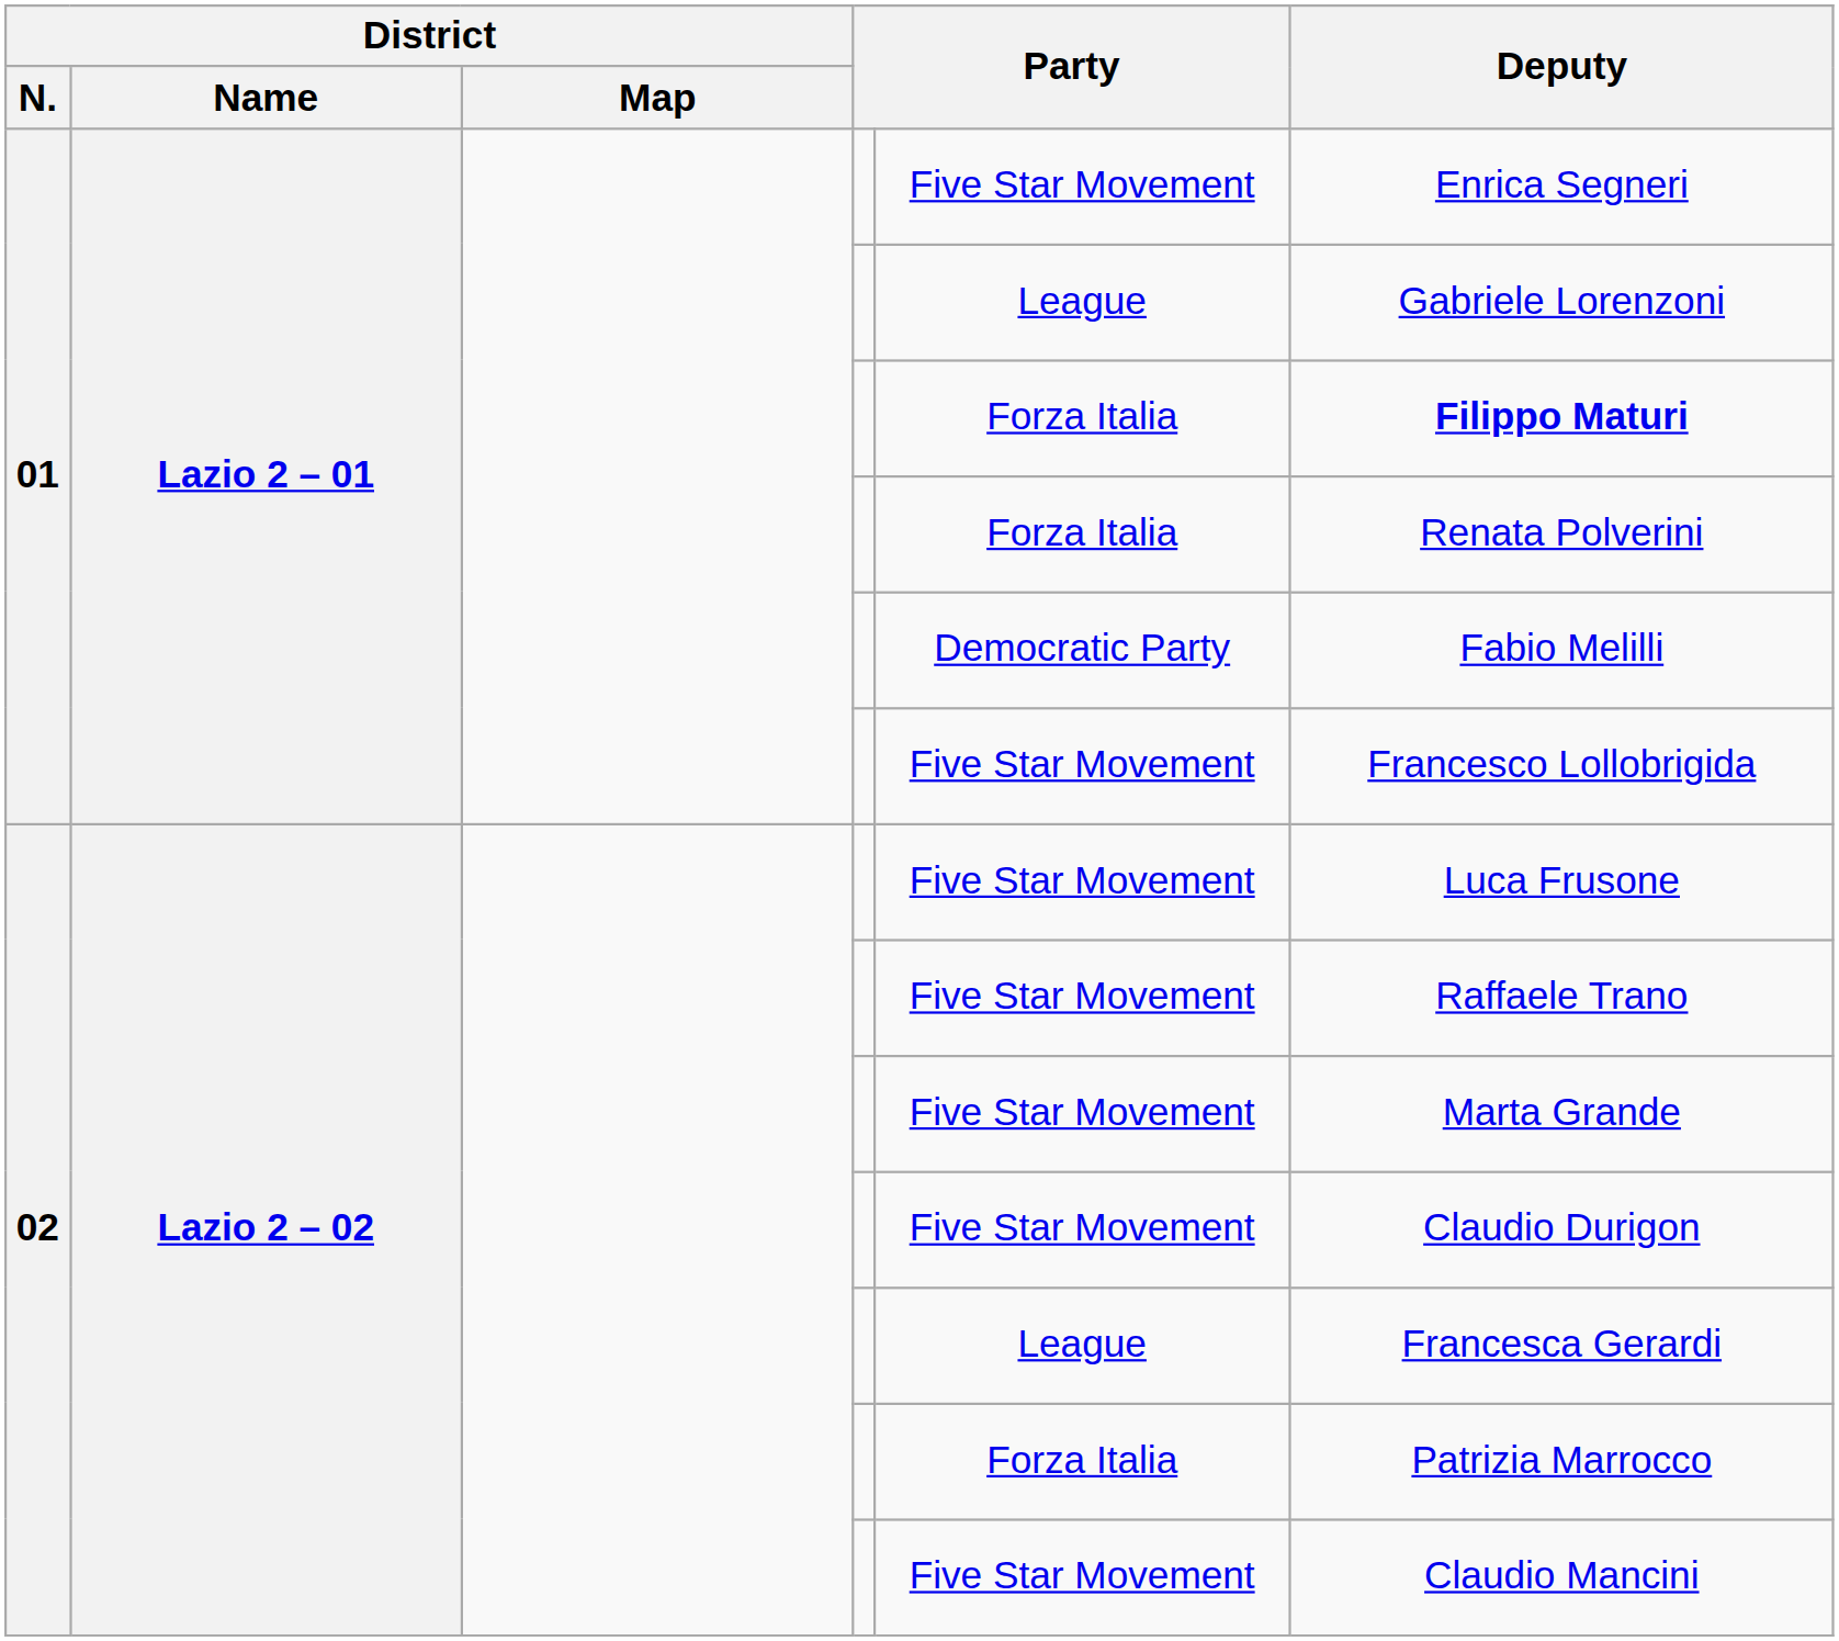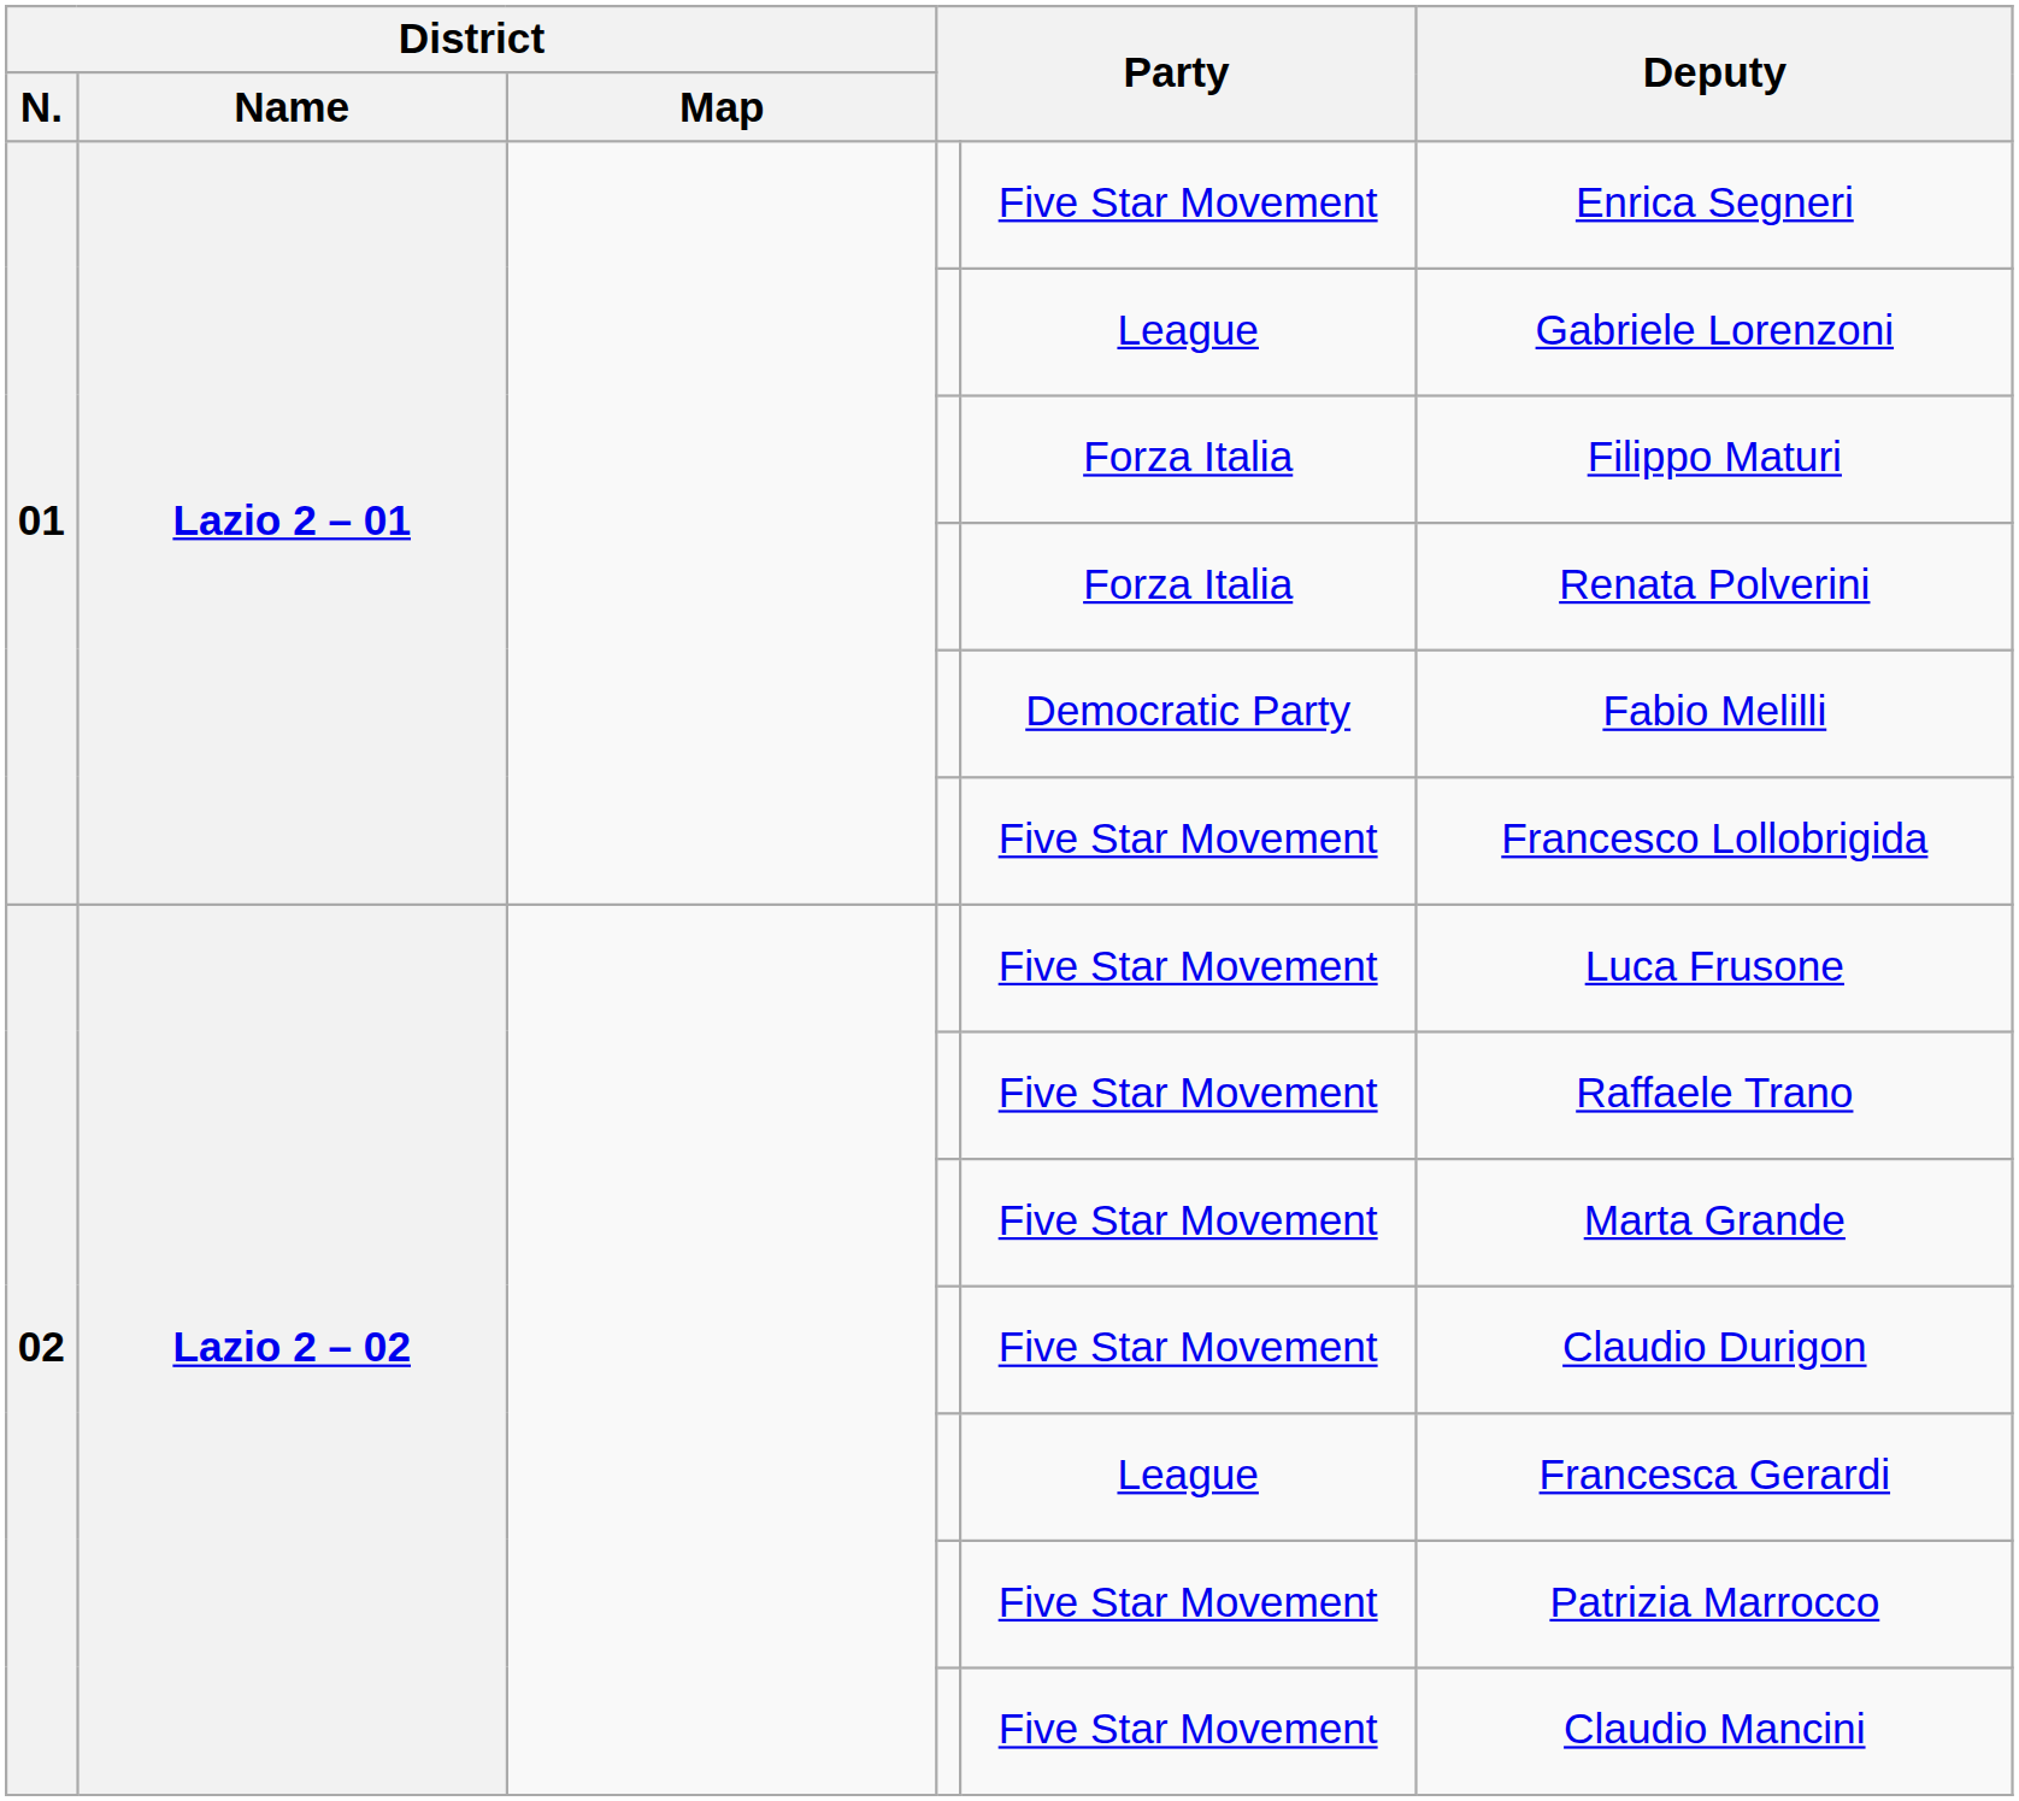 <table class="wikitable" style="text-align:center; style="width=60%">
 <tr>
 <th width=35% colspan="3">District</th>
 <th width=20% colspan="2" rowspan="2">Party</th>
 <th width=25% rowspan="2">Deputy</th>
 </tr>
 <tr>
 <th width=1%>N.</th>
 <th width=18%>Name</th>
 <th width=18%>Map</th>
 </tr>
 <tr style="height:3em;">
 <th rowspan="6">01</th>
 <th rowspan="6"><a href='#'>Lazio 2 – 01</a></th>
 <td rowspan="6"></td>
 <td style="background:"></td>
 <td><a href='#'>Five Star Movement</a></td>
 <td><a href='#'>Enrica Segneri</a></td>
 </tr>
 <tr style="height:3em;">
 <td style="background:"></td>
 <td><a href='#'>League</a></td>
 <td><a href='#'>Gabriele Lorenzoni</a></td>
 </tr>
 <tr style="height:3em;">
 <td style="background:"></td>
 <td><a href='#'>Forza Italia</a></td>
-<td><strong><a href='#'>Filippo Maturi</a></strong></td>
+<td><a href='#'>Filippo Maturi</a></td>
 </tr>
 <tr style="height:3em;">
 <td style="background:"></td>
 <td><a href='#'>Forza Italia</a></td>
 <td><a href='#'>Renata Polverini</a></td>
 </tr>
 <tr style="height:3em;">
 <td style="background:"></td>
 <td><a href='#'>Democratic Party</a></td>
 <td><a href='#'>Fabio Melilli</a></td>
 </tr>
 <tr style="height:3em;">
 <td style="background:"></td>
 <td><a href='#'>Five Star Movement</a></td>
 <td><a href='#'>Francesco Lollobrigida</a></td>
 </tr>
 <tr style="height:3em;">
 <th rowspan="7">02</th>
 <th rowspan="7"><a href='#'>Lazio 2 – 02</a></th>
 <td rowspan="7"></td>
 <td style="background:"></td>
 <td><a href='#'>Five Star Movement</a></td>
 <td><a href='#'>Luca Frusone</a></td>
 </tr>
 <tr style="height:3em;">
 <td style="background:"></td>
 <td><a href='#'>Five Star Movement</a></td>
 <td><a href='#'>Raffaele Trano</a></td>
 </tr>
 <tr style="height:3em;">
 <td style="background:"></td>
 <td><a href='#'>Five Star Movement</a></td>
 <td><a href='#'>Marta Grande</a></td>
 </tr>
 <tr style="height:3em;">
 <td style="background:"></td>
 <td><a href='#'>Five Star Movement</a></td>
 <td><a href='#'>Claudio Durigon</a></td>
 </tr>
 <tr style="height:3em;">
 <td style="background:"></td>
 <td><a href='#'>League</a></td>
 <td><a href='#'>Francesca Gerardi</a></td>
 </tr>
 <tr style="height:3em;">
 <td style="background:"></td>
-<td><a href='#'>Forza Italia</a></td>
+<td><a href='#'>Five Star Movement</a></td>
 <td><a href='#'>Patrizia Marrocco</a></td>
 </tr>
 <tr style="height:3em;">
 <td style="background:"></td>
 <td><a href='#'>Five Star Movement</a></td>
 <td><a href='#'>Claudio Mancini</a></td>
 </tr>
 </table>
